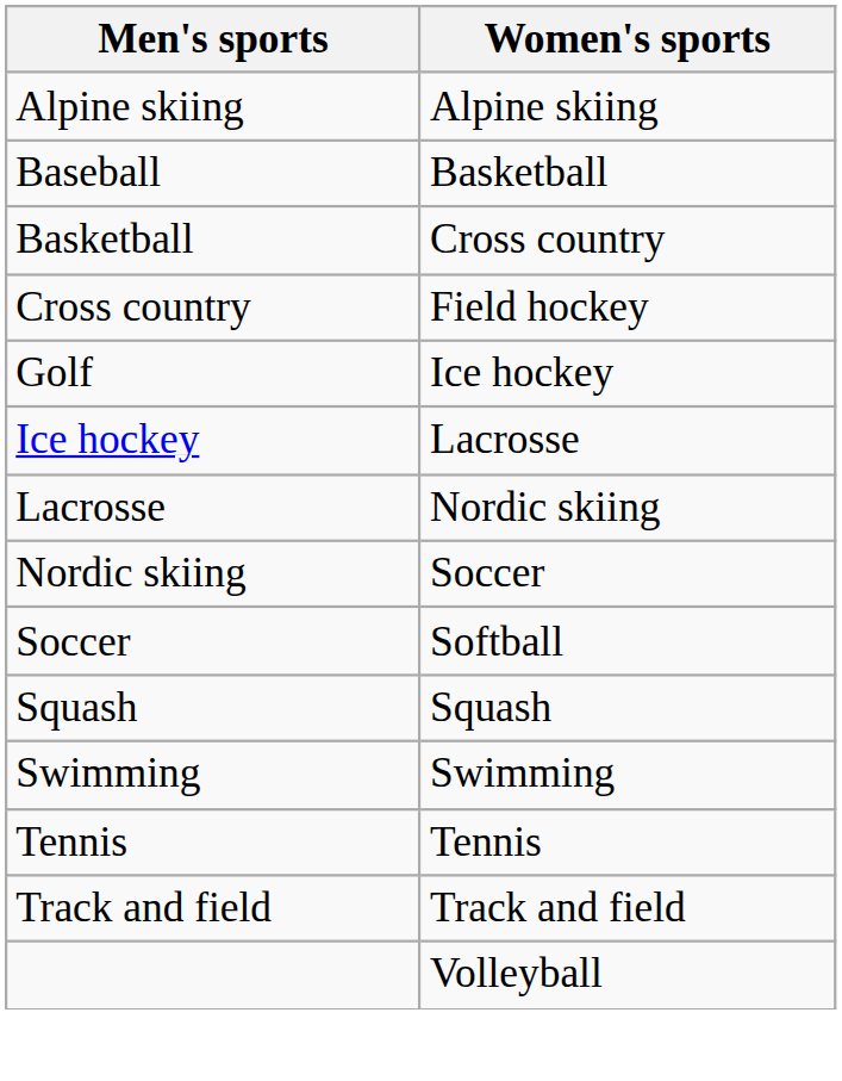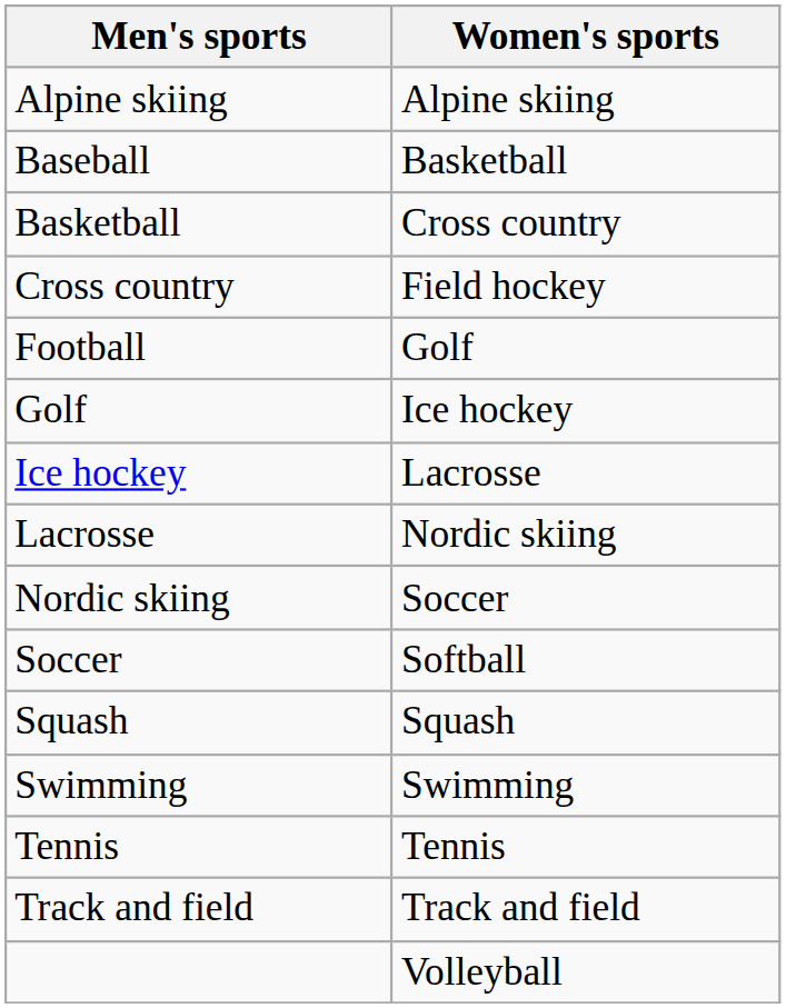 <table class="wikitable"; style= "text-align: ">
 <tr>
 <th width=150px>Men's sports</th>
 <th width=150px>Women's sports</th>
 </tr>
 <tr>
 <td>Alpine skiing</td>
 <td>Alpine skiing</td>
 </tr>
 <tr>
 <td>Baseball</td>
 <td>Basketball</td>
 </tr>
 <tr>
 <td>Basketball</td>
 <td>Cross country</td>
 </tr>
 <tr>
 <td>Cross country</td>
 <td>Field hockey</td>
+</tr>
+<tr>
+<td>Football</td>
+<td>Golf</td>
 </tr>
 <tr>
 <td>Golf</td>
 <td>Ice hockey</td>
 </tr>
 <tr>
 <td><a href='#'>Ice hockey</a></td>
 <td>Lacrosse</td>
 </tr>
 <tr>
 <td>Lacrosse</td>
 <td>Nordic skiing</td>
 </tr>
 <tr>
 <td>Nordic skiing</td>
 <td>Soccer</td>
 </tr>
 <tr>
 <td>Soccer</td>
 <td>Softball</td>
 </tr>
 <tr>
 <td>Squash</td>
 <td>Squash</td>
 </tr>
 <tr>
 <td>Swimming</td>
 <td>Swimming</td>
 </tr>
 <tr>
 <td>Tennis</td>
 <td>Tennis</td>
 </tr>
 <tr>
 <td>Track and field</td>
 <td>Track and field</td>
 </tr>
 <tr>
 <td></td>
 <td>Volleyball</td>
 </tr>
 </table>
